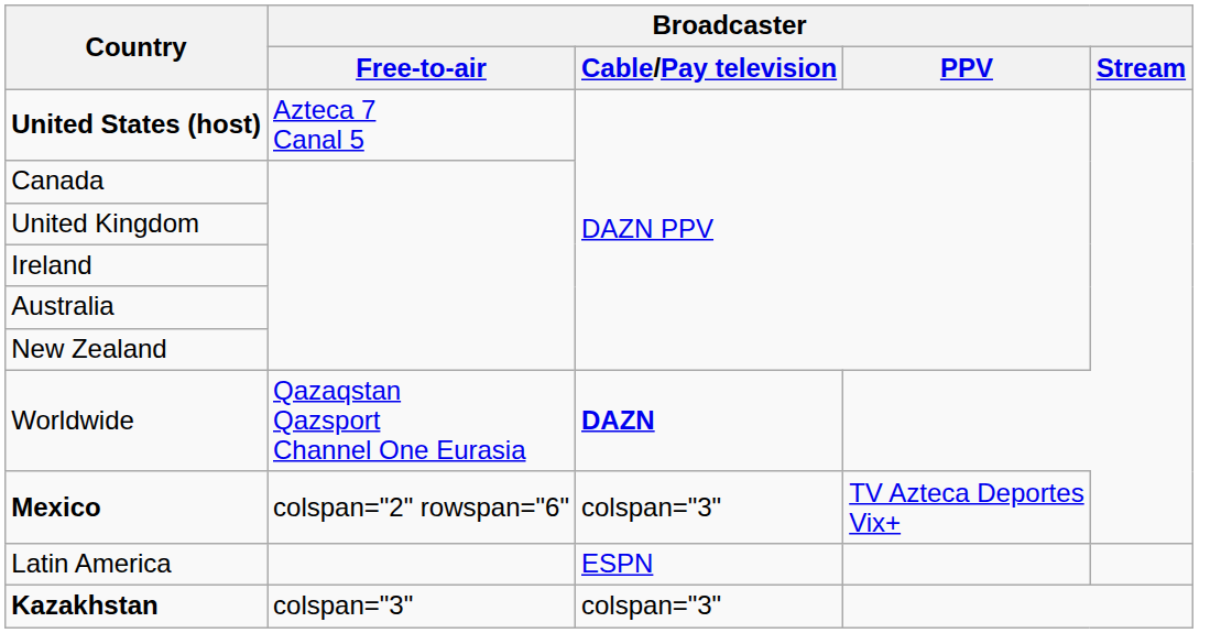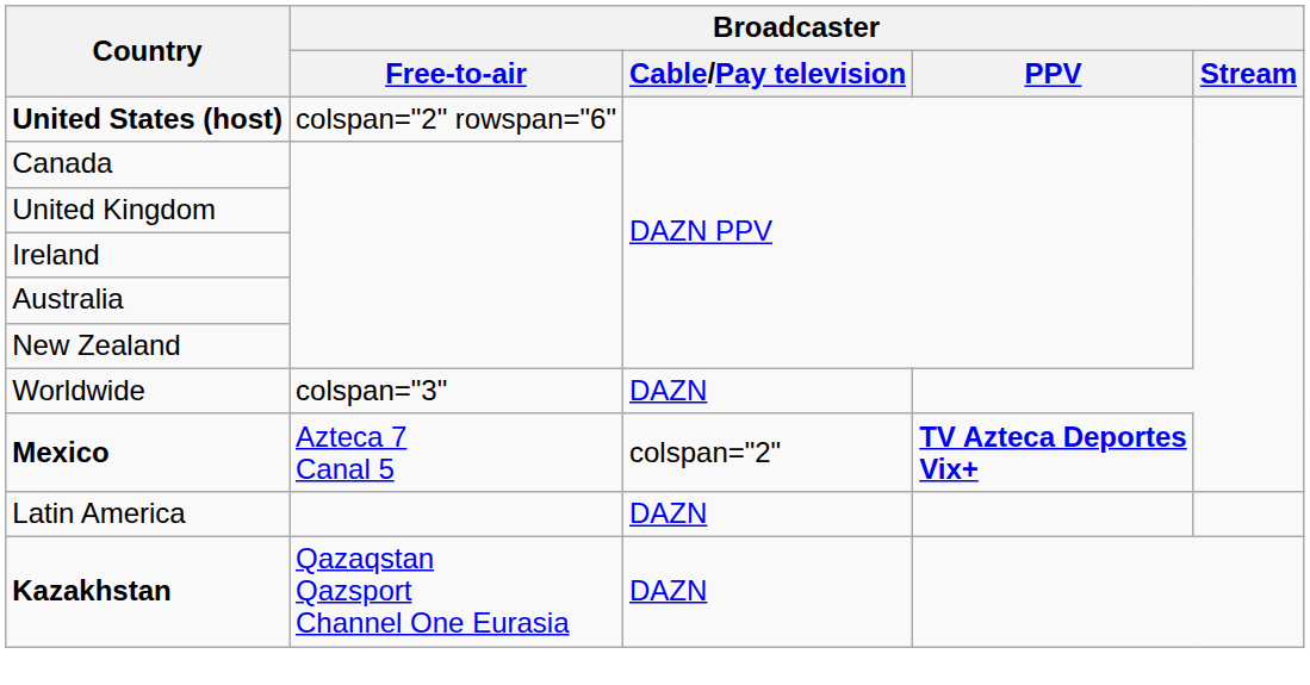 <table class="wikitable">
 <tr>
 <th rowspan="2">Country</th>
 <th colspan="4">Broadcaster</th>
 </tr>
 <tr>
 <th><a href='#'>Free-to-air</a></th>
 <th><a href='#'>Cable</a><strong>/</strong><a href='#'>Pay television</a></th>
 <th><a href='#'>PPV</a></th>
 <th><a href='#'>Stream</a></th>
 </tr>
 <tr>
 <td><strong>United States (host)</strong></td>
-<td><a href='#'>Azteca 7</a><br><a href='#'>Canal 5</a></td>
+<td>colspan="2" rowspan="6" </td>
 <td colspan="2" rowspan="6"><a href='#'>DAZN PPV</a></td>
 </tr>
 <tr>
 <td>Canada</td>
 </tr>
 <tr>
 <td>United Kingdom</td>
 </tr>
 <tr>
 <td>Ireland</td>
 </tr>
 <tr>
 <td>Australia</td>
 </tr>
 <tr>
 <td>New Zealand</td>
 </tr>
 <tr>
 <td>Worldwide</td>
-<td><a href='#'>Qazaqstan</a> <br> <a href='#'>Qazsport</a> <br> <a href='#'>Channel One Eurasia</a></td>
-<td><strong><a href='#'>DAZN</a></strong></td>
+<td>colspan="3" </td>
+<td><a href='#'>DAZN</a></td>
 </tr>
 <tr>
 <td><strong>Mexico</strong></td>
-<td>colspan="2" rowspan="6" </td>
-<td>colspan="3" </td>
-<td><a href='#'>TV Azteca Deportes</a><br><a href='#'>Vix+</a></td>
+<td><a href='#'>Azteca 7</a><br><a href='#'>Canal 5</a></td>
+<td>colspan="2" </td>
+<td><strong><a href='#'>TV Azteca Deportes</a><br><a href='#'>Vix+</a></strong></td>
 </tr>
 <tr>
 <td>Latin America</td>
 <td></td>
-<td><a href='#'>ESPN</a></td>
+<td><a href='#'>DAZN</a></td>
 <td></td>
 <td></td>
 </tr>
 <tr>
 <td><strong>Kazakhstan</strong></td>
-<td>colspan="3" </td>
-<td>colspan="3" </td>
+<td><a href='#'>Qazaqstan</a> <br> <a href='#'>Qazsport</a> <br> <a href='#'>Channel One Eurasia</a></td>
+<td><a href='#'>DAZN</a></td>
 </tr>
 </table>
